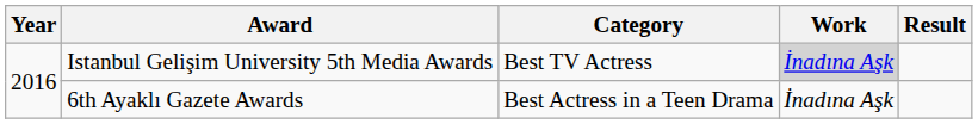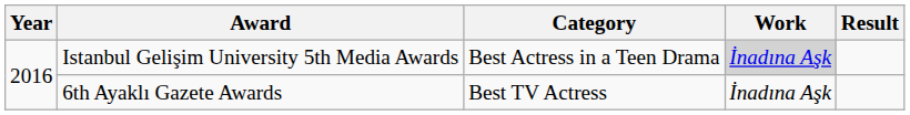 <table class="wikitable" style="font-size: 95%;">
 <tr>
 <th>Year</th>
 <th>Award</th>
 <th>Category</th>
 <th>Work</th>
 <th>Result</th>
 </tr>
 <tr>
 <td rowspan=2>2016</td>
 <td>Istanbul Gelişim University 5th Media Awards</td>
-<td>Best TV Actress</td>
+<td>Best Actress in a Teen Drama</td>
 <td style="background: lightgrey;"><em><a href='#'>İnadına Aşk</a></em></td>
 <td></td>
 </tr>
 <tr>
 <td>6th Ayaklı Gazete Awards</td>
-<td>Best Actress in a Teen Drama</td>
+<td>Best TV Actress</td>
 <td><em>İnadına Aşk</em></td>
 <td></td>
 </tr>
 </table>
